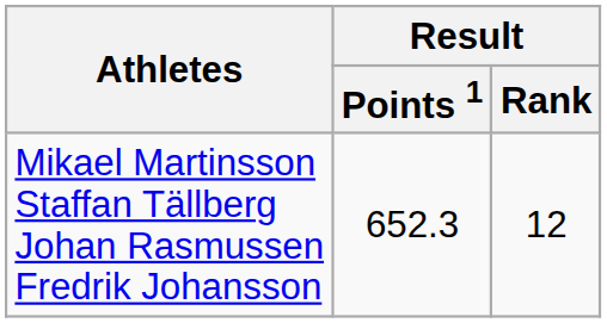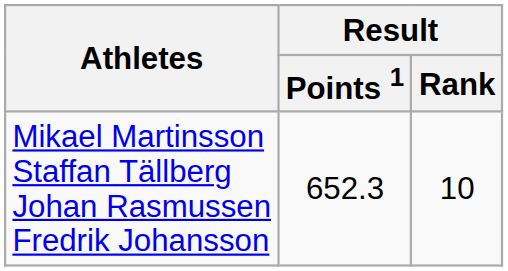 <table class="wikitable" border="1" style="font-size:90%">
 <tr>
 <th rowspan=2>Athletes</th>
 <th colspan=2>Result</th>
 </tr>
 <tr>
 <th>Points <sup>1</sup></th>
 <th>Rank</th>
 </tr>
 <tr>
 <td><a href='#'>Mikael Martinsson</a><br><a href='#'>Staffan Tällberg</a><br><a href='#'>Johan Rasmussen</a><br><a href='#'>Fredrik Johansson</a></td>
 <td align=center>652.3</td>
-<td align=center>12</td>
+<td align=center>10</td>
 </tr>
 </table>
